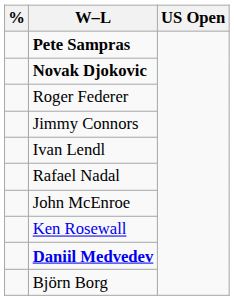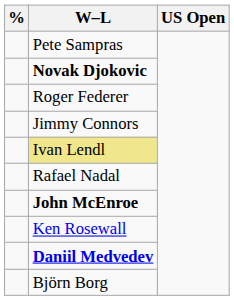 <table class="wikitable" style="display:inline-table;">
 <tr>
 <th>%</th>
 <th>W–L</th>
 <th>US Open</th>
 </tr>
 <tr>
 <td></td>
-<td><strong> Pete Sampras</strong></td>
+<td> Pete Sampras</td>
 </tr>
 <tr>
 <td></td>
 <td><strong> Novak Djokovic</strong></td>
 </tr>
 <tr>
 <td></td>
 <td> Roger Federer</td>
 </tr>
 <tr>
 <td></td>
 <td> Jimmy Connors</td>
 </tr>
 <tr>
 <td></td>
-<td> Ivan Lendl</td>
+<td style="background: khaki;"> Ivan Lendl</td>
 </tr>
 <tr>
 <td></td>
 <td> Rafael Nadal</td>
 </tr>
 <tr>
 <td></td>
-<td> John McEnroe</td>
+<td><strong> John McEnroe</strong></td>
 </tr>
 <tr>
 <td></td>
 <td> <a href='#'>Ken Rosewall</a></td>
 </tr>
 <tr>
 <td></td>
 <td> <strong><a href='#'>Daniil Medvedev</a></strong></td>
 </tr>
 <tr>
 <td></td>
 <td> Björn Borg<br></td>
 </tr>
 </table>
